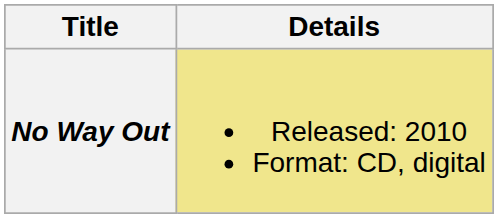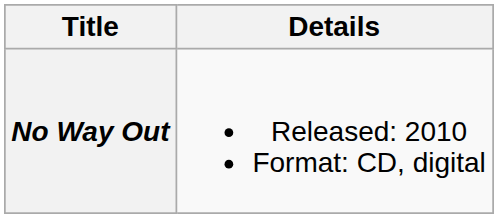 <table class="wikitable plainrowheaders" style="text-align:center;" border="1">
 <tr>
 <th>Title</th>
 <th>Details</th>
 </tr>
 <tr>
 <th scope="row"><em>No Way Out</em></th>
-<td style="background: khaki;"><br><ul><li>Released: 2010</li><li>Format: CD, digital</li></ul></td>
+<td><br><ul><li>Released: 2010</li><li>Format: CD, digital</li></ul></td>
 </tr>
 </table>
